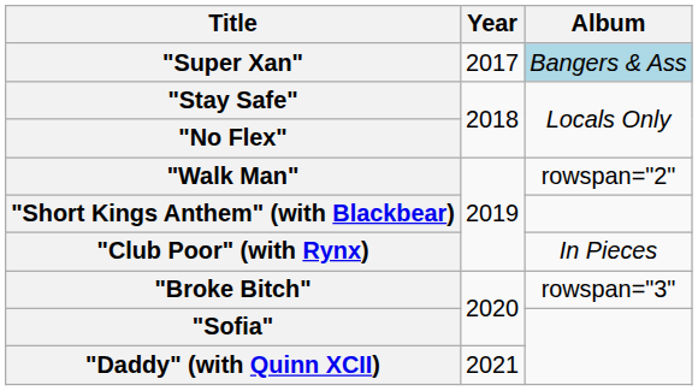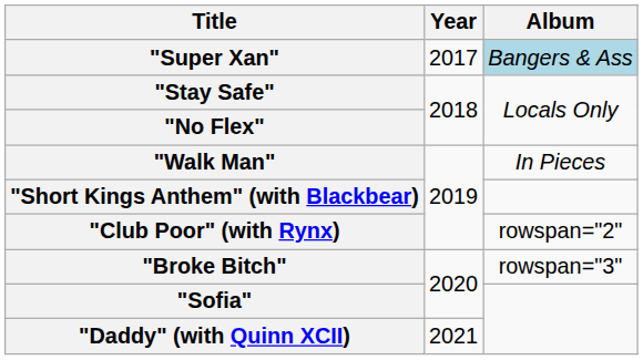 <table class="wikitable plainrowheaders" style="text-align:center;">
 <tr>
 <th scope="col">Title</th>
 <th scope="col">Year</th>
 <th scope="col">Album</th>
 </tr>
 <tr>
 <th scope="row">"Super Xan"</th>
 <td>2017</td>
 <td style="background: lightblue;"><em>Bangers & Ass</em></td>
 </tr>
 <tr>
 <th scope="row">"Stay Safe"</th>
 <td rowspan="2">2018</td>
 <td rowspan="2"><em>Locals Only</em></td>
 </tr>
 <tr>
 <th scope="row">"No Flex"</th>
 </tr>
 <tr>
 <th scope="row">"Walk Man"</th>
 <td rowspan="3">2019</td>
-<td>rowspan="2" </td>
+<td><em>In Pieces</em></td>
 </tr>
 <tr>
 <th scope="row">"Short Kings Anthem" <span>(with <a href='#'>Blackbear</a>)</span></th>
 </tr>
 <tr>
 <th scope="row">"Club Poor" <span>(with <a href='#'>Rynx</a>)</span></th>
-<td><em>In Pieces</em></td>
+<td>rowspan="2" </td>
 </tr>
 <tr>
 <th scope="row">"Broke Bitch"</th>
 <td rowspan="2">2020</td>
 <td>rowspan="3" </td>
 </tr>
 <tr>
 <th scope="row">"Sofia"</th>
 </tr>
 <tr>
 <th scope="row">"Daddy" <span>(with <a href='#'>Quinn XCII</a>)</span></th>
 <td>2021</td>
 </tr>
 </table>
